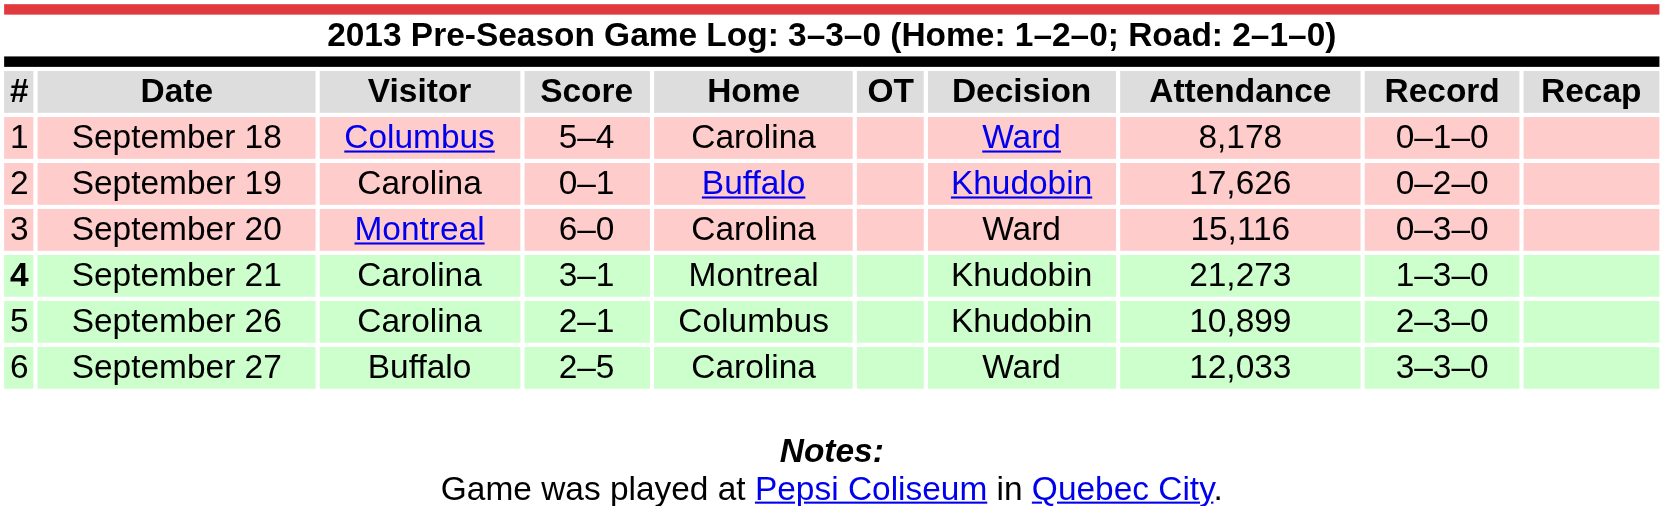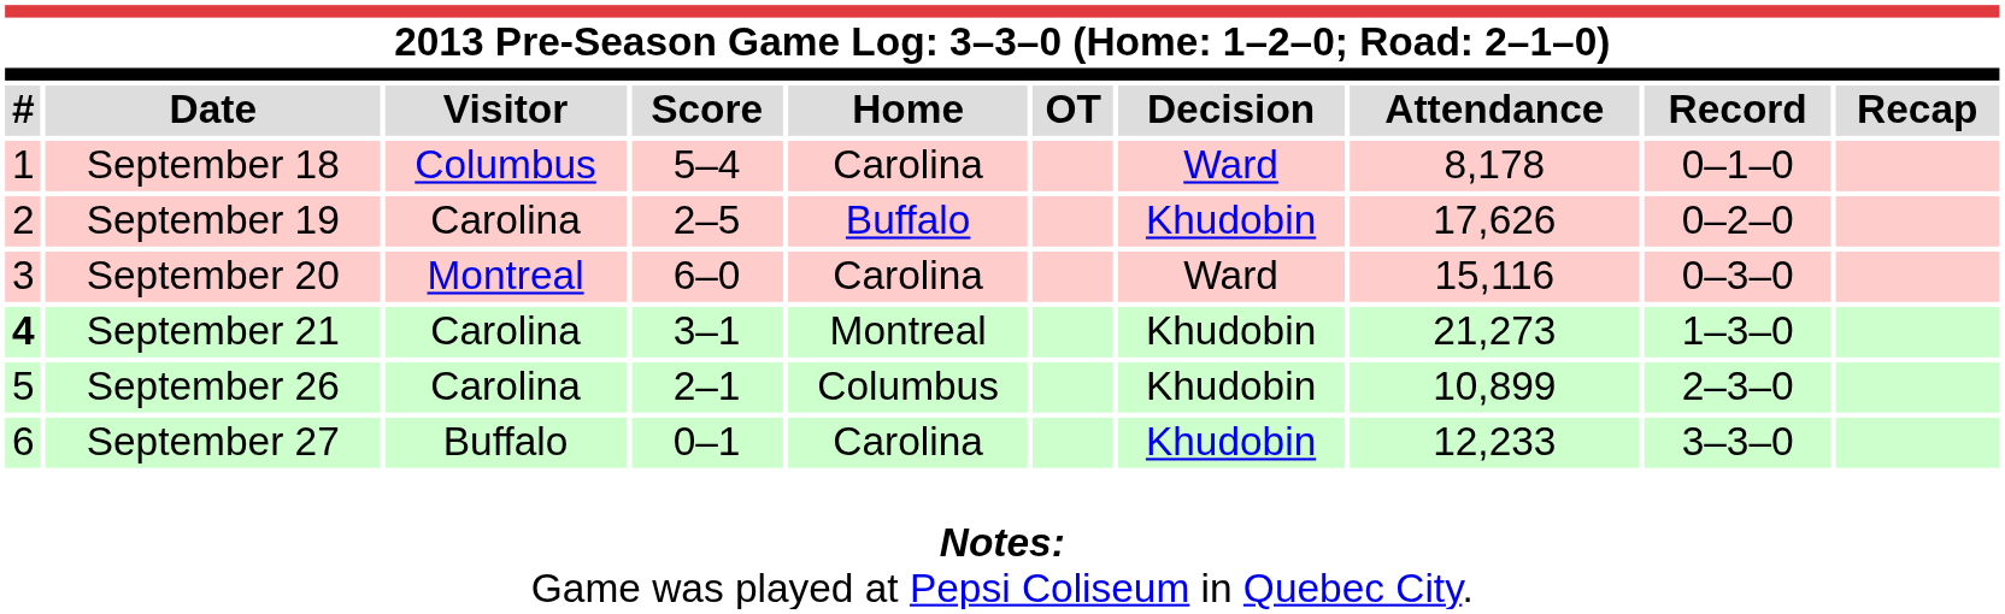 <table class="toccolours collapsible collapsed"  style="width:90%; clear:both; margin:1.5em auto; text-align:center;">
 <tr>
 <th colspan=10 style="background:#fff; border-top:#E03A3E 5px solid; border-bottom:#000000 5px solid;">2013 Pre-Season Game Log: 3–3–0 (Home: 1–2–0; Road: 2–1–0)</th>
 </tr>
 <tr style="text-align:center; background:#ddd;">
 <th>#</th>
 <th>Date</th>
 <th>Visitor</th>
 <th>Score</th>
 <th>Home</th>
 <th>OT</th>
 <th>Decision</th>
 <th>Attendance</th>
 <th>Record</th>
 <th>Recap</th>
 </tr>
 <tr style="text-align:center; background:#fcc;">
 <td>1</td>
 <td>September 18</td>
 <td><a href='#'>Columbus</a></td>
 <td>5–4</td>
 <td>Carolina</td>
 <td></td>
 <td><a href='#'>Ward</a></td>
 <td>8,178</td>
 <td>0–1–0</td>
 <td></td>
 </tr>
 <tr style="text-align:center; background:#fcc;">
 <td>2</td>
 <td>September 19</td>
 <td>Carolina</td>
-<td>0–1</td>
+<td>2–5</td>
 <td><a href='#'>Buffalo</a></td>
 <td></td>
 <td><a href='#'>Khudobin</a></td>
 <td>17,626</td>
 <td>0–2–0</td>
 <td></td>
 </tr>
 <tr style="text-align:center; background:#fcc;">
 <td>3</td>
 <td>September 20</td>
 <td><a href='#'>Montreal</a></td>
 <td>6–0</td>
 <td>Carolina</td>
 <td></td>
 <td>Ward</td>
 <td>15,116</td>
 <td>0–3–0</td>
 <td></td>
 </tr>
 <tr style="text-align:center; background:#cfc;">
 <td><strong>4</strong></td>
 <td>September 21</td>
 <td>Carolina</td>
 <td>3–1</td>
 <td>Montreal</td>
 <td></td>
 <td>Khudobin</td>
 <td>21,273</td>
 <td>1–3–0</td>
 <td></td>
 </tr>
 <tr style="text-align:center; background:#cfc;">
 <td>5</td>
 <td>September 26</td>
 <td>Carolina</td>
 <td>2–1</td>
 <td>Columbus</td>
 <td></td>
 <td>Khudobin</td>
 <td>10,899</td>
 <td>2–3–0</td>
 <td></td>
 </tr>
 <tr style="text-align:center; background:#cfc;">
 <td>6</td>
 <td>September 27</td>
 <td>Buffalo</td>
-<td>2–5</td>
+<td>0–1</td>
 <td>Carolina</td>
 <td></td>
-<td>Ward</td>
-<td>12,033</td>
+<td><a href='#'>Khudobin</a></td>
+<td>12,233</td>
 <td>3–3–0</td>
 <td></td>
 </tr>
 <tr>
 <td colspan="10" style="text-align:center;"><br><strong><em>Notes:</em></strong><br> Game was played at <a href='#'>Pepsi Coliseum</a> in <a href='#'>Quebec City</a>.</td>
 </tr>
 </table>
